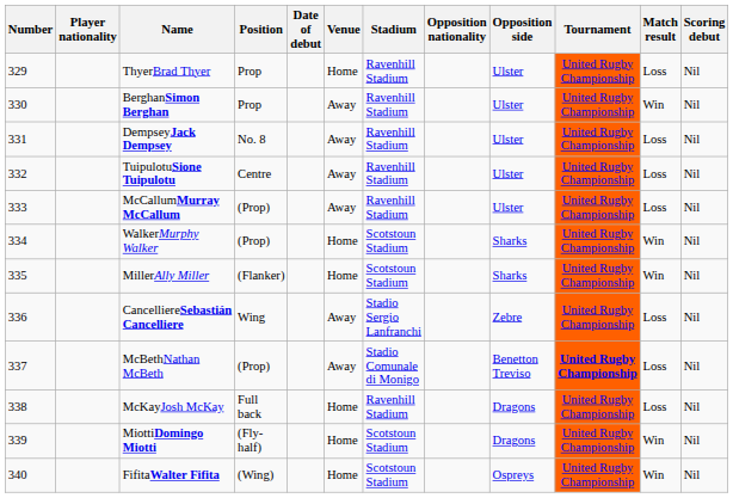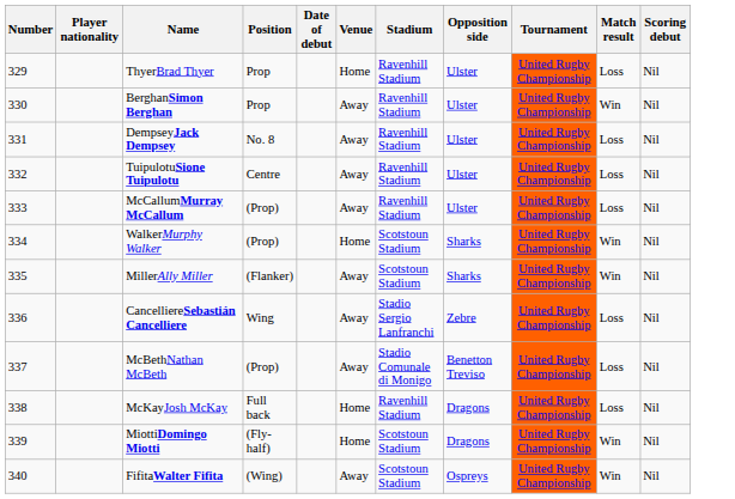 <table class="sortable wikitable">
 <tr>
 <th data-sort-type="number">Number</th>
 <th>Player nationality</th>
 <th>Name</th>
 <th>Position</th>
 <th>Date of debut</th>
 <th>Venue</th>
 <th>Stadium</th>
-<th>Opposition nationality</th>
 <th>Opposition side</th>
 <th>Tournament</th>
 <th>Match result</th>
 <th>Scoring debut</th>
 </tr>
 <tr>
 <td>329</td>
 <td style="text-align:center;"></td>
 <td><span>Thyer</span><a href='#'>Brad Thyer</a></td>
 <td>Prop</td>
 <td></td>
 <td>Home</td>
 <td><a href='#'>Ravenhill Stadium</a></td>
-<td style="text-align:center;"></td>
 <td><a href='#'>Ulster</a></td>
 <td style="text-align:center; background:#FF6000;"><a href='#'>United Rugby Championship</a></td>
 <td>Loss</td>
 <td>Nil</td>
 </tr>
 <tr>
 <td>330</td>
 <td style="text-align:center;"></td>
 <td><span>Berghan</span><strong><a href='#'>Simon Berghan</a></strong></td>
 <td>Prop</td>
 <td></td>
 <td>Away</td>
 <td><a href='#'>Ravenhill Stadium</a></td>
-<td style="text-align:center;"></td>
 <td><a href='#'>Ulster</a></td>
 <td style="text-align:center; background:#FF6000;"><a href='#'>United Rugby Championship</a></td>
 <td>Win</td>
 <td>Nil</td>
 </tr>
 <tr>
 <td>331</td>
 <td style="text-align:center;"></td>
 <td><span>Dempsey</span><strong><a href='#'>Jack Dempsey</a></strong></td>
 <td>No. 8</td>
 <td></td>
 <td>Away</td>
 <td><a href='#'>Ravenhill Stadium</a></td>
-<td style="text-align:center;"></td>
 <td><a href='#'>Ulster</a></td>
 <td style="text-align:center; background:#FF6000;"><a href='#'>United Rugby Championship</a></td>
 <td>Loss</td>
 <td>Nil</td>
 </tr>
 <tr>
 <td>332</td>
 <td style="text-align:center;"></td>
 <td><span>Tuipulotu</span><strong><a href='#'>Sione Tuipulotu</a></strong></td>
 <td>Centre</td>
 <td></td>
 <td>Away</td>
 <td><a href='#'>Ravenhill Stadium</a></td>
-<td style="text-align:center;"></td>
 <td><a href='#'>Ulster</a></td>
 <td style="text-align:center; background:#FF6000;"><a href='#'>United Rugby Championship</a></td>
 <td>Loss</td>
 <td>Nil</td>
 </tr>
 <tr>
 <td>333</td>
 <td style="text-align:center;"></td>
 <td><span>McCallum</span><strong><a href='#'>Murray McCallum</a></strong></td>
 <td>(Prop)</td>
 <td></td>
 <td>Away</td>
 <td><a href='#'>Ravenhill Stadium</a></td>
-<td style="text-align:center;"></td>
 <td><a href='#'>Ulster</a></td>
 <td style="text-align:center; background:#FF6000;"><a href='#'>United Rugby Championship</a></td>
 <td>Loss</td>
 <td>Nil</td>
 </tr>
 <tr>
 <td>334</td>
 <td style="text-align:center;"></td>
 <td><span>Walker</span><em><a href='#'>Murphy Walker</a></em></td>
 <td>(Prop)</td>
 <td></td>
 <td>Home</td>
 <td><a href='#'>Scotstoun Stadium</a></td>
-<td style="text-align:center;"></td>
 <td><a href='#'>Sharks</a></td>
 <td style="text-align:center; background:#FF6000;"><a href='#'>United Rugby Championship</a></td>
 <td>Win</td>
 <td>Nil</td>
 </tr>
 <tr>
 <td>335</td>
 <td style="text-align:center;"></td>
 <td><span>Miller</span><em><a href='#'>Ally Miller</a></em></td>
 <td>(Flanker)</td>
 <td></td>
-<td>Home</td>
+<td>Away</td>
 <td><a href='#'>Scotstoun Stadium</a></td>
-<td style="text-align:center;"></td>
 <td><a href='#'>Sharks</a></td>
 <td style="text-align:center; background:#FF6000;"><a href='#'>United Rugby Championship</a></td>
 <td>Win</td>
 <td>Nil</td>
 </tr>
 <tr>
 <td>336</td>
 <td style="text-align:center;"></td>
 <td><span>Cancelliere</span><strong><a href='#'>Sebastián Cancelliere</a></strong></td>
 <td>Wing</td>
 <td></td>
 <td>Away</td>
 <td><a href='#'>Stadio Sergio Lanfranchi</a></td>
-<td style="text-align:center;"></td>
 <td><a href='#'>Zebre</a></td>
 <td style="text-align:center; background:#FF6000;"><a href='#'>United Rugby Championship</a></td>
 <td>Loss</td>
 <td>Nil</td>
 </tr>
 <tr>
 <td>337</td>
 <td style="text-align:center;"></td>
 <td><span>McBeth</span><a href='#'>Nathan McBeth</a></td>
 <td>(Prop)</td>
 <td></td>
 <td>Away</td>
 <td><a href='#'>Stadio Comunale di Monigo</a></td>
-<td style="text-align:center;"></td>
 <td><a href='#'>Benetton Treviso</a></td>
-<td style="text-align:center; background:#FF6000;"><strong><a href='#'>United Rugby Championship</a></strong></td>
+<td style="text-align:center; background:#FF6000;"><a href='#'>United Rugby Championship</a></td>
 <td>Loss</td>
 <td>Nil</td>
 </tr>
 <tr>
 <td>338</td>
 <td style="text-align:center;"></td>
 <td><span>McKay</span><a href='#'>Josh McKay</a></td>
 <td>Full back</td>
 <td></td>
 <td>Home</td>
 <td><a href='#'>Ravenhill Stadium</a></td>
-<td style="text-align:center;"></td>
 <td><a href='#'>Dragons</a></td>
 <td style="text-align:center; background:#FF6000;"><a href='#'>United Rugby Championship</a></td>
 <td>Loss</td>
 <td>Nil</td>
 </tr>
 <tr>
 <td>339</td>
 <td style="text-align:center;"></td>
 <td><span>Miotti</span><strong><a href='#'>Domingo Miotti</a></strong></td>
 <td>(Fly-half)</td>
 <td></td>
 <td>Home</td>
 <td><a href='#'>Scotstoun Stadium</a></td>
-<td style="text-align:center;"></td>
 <td><a href='#'>Dragons</a></td>
 <td style="text-align:center; background:#FF6000;"><a href='#'>United Rugby Championship</a></td>
 <td>Win</td>
 <td>Nil</td>
 </tr>
 <tr>
 <td>340</td>
 <td style="text-align:center;"></td>
 <td><span>Fifita</span><strong><a href='#'>Walter Fifita</a></strong></td>
 <td>(Wing)</td>
 <td></td>
-<td>Home</td>
+<td>Away</td>
 <td><a href='#'>Scotstoun Stadium</a></td>
-<td style="text-align:center;"></td>
 <td><a href='#'>Ospreys</a></td>
 <td style="text-align:center; background:#FF6000;"><a href='#'>United Rugby Championship</a></td>
 <td>Win</td>
 <td>Nil</td>
 </tr>
 </table>
